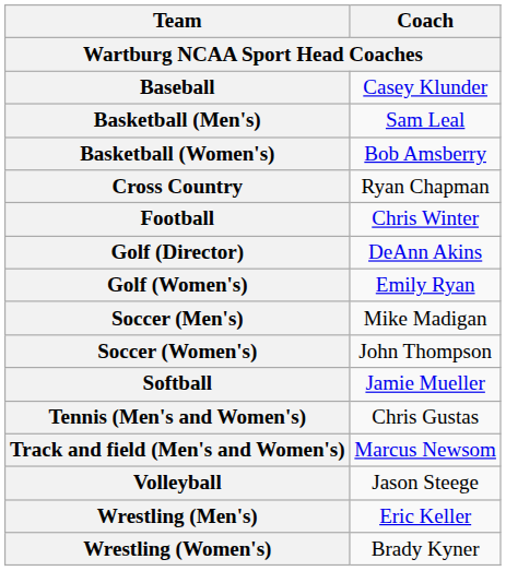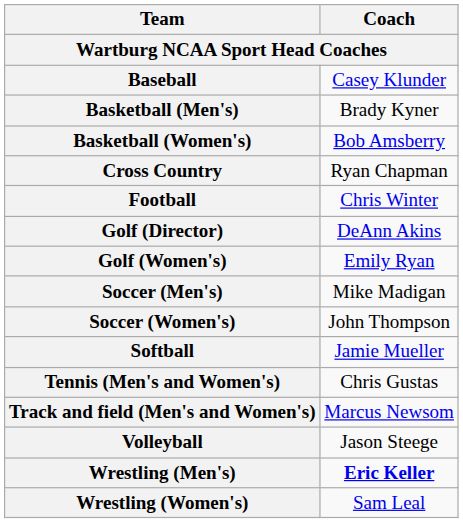 <table class="wikitable" style="text-align: center">
 <tr>
 <th>Team</th>
 <th>Coach</th>
 </tr>
 <tr>
 <th colspan=3>Wartburg NCAA Sport Head Coaches</th>
 </tr>
 <tr>
 <th>Baseball</th>
 <td><a href='#'>Casey Klunder</a></td>
 </tr>
 <tr>
 <th>Basketball (Men's)</th>
-<td><a href='#'>Sam Leal</a></td>
+<td>Brady Kyner</td>
 </tr>
 <tr>
 <th>Basketball (Women's)</th>
 <td><a href='#'>Bob Amsberry</a></td>
 </tr>
 <tr>
 <th>Cross Country</th>
 <td>Ryan Chapman</td>
 </tr>
 <tr>
 <th>Football</th>
 <td><a href='#'>Chris Winter</a></td>
 </tr>
 <tr>
 <th>Golf (Director)</th>
 <td><a href='#'>DeAnn Akins</a></td>
 </tr>
 <tr>
 <th>Golf (Women's)</th>
 <td><a href='#'>Emily Ryan</a></td>
 </tr>
 <tr>
 <th>Soccer (Men's)</th>
 <td>Mike Madigan</td>
 </tr>
 <tr>
 <th>Soccer (Women's)</th>
 <td>John Thompson</td>
 </tr>
 <tr>
 <th>Softball</th>
 <td><a href='#'>Jamie Mueller</a></td>
 </tr>
 <tr>
 <th>Tennis (Men's and Women's)</th>
 <td>Chris Gustas</td>
 </tr>
 <tr>
 <th>Track and field (Men's and Women's)</th>
 <td><a href='#'>Marcus Newsom</a></td>
 </tr>
 <tr>
 <th>Volleyball</th>
 <td>Jason Steege</td>
 </tr>
 <tr>
 <th>Wrestling (Men's)</th>
-<td><a href='#'>Eric Keller</a></td>
+<td><strong><a href='#'>Eric Keller</a></strong></td>
 </tr>
 <tr>
 <th>Wrestling (Women's)</th>
-<td>Brady Kyner</td>
+<td><a href='#'>Sam Leal</a></td>
 </tr>
 </table>
